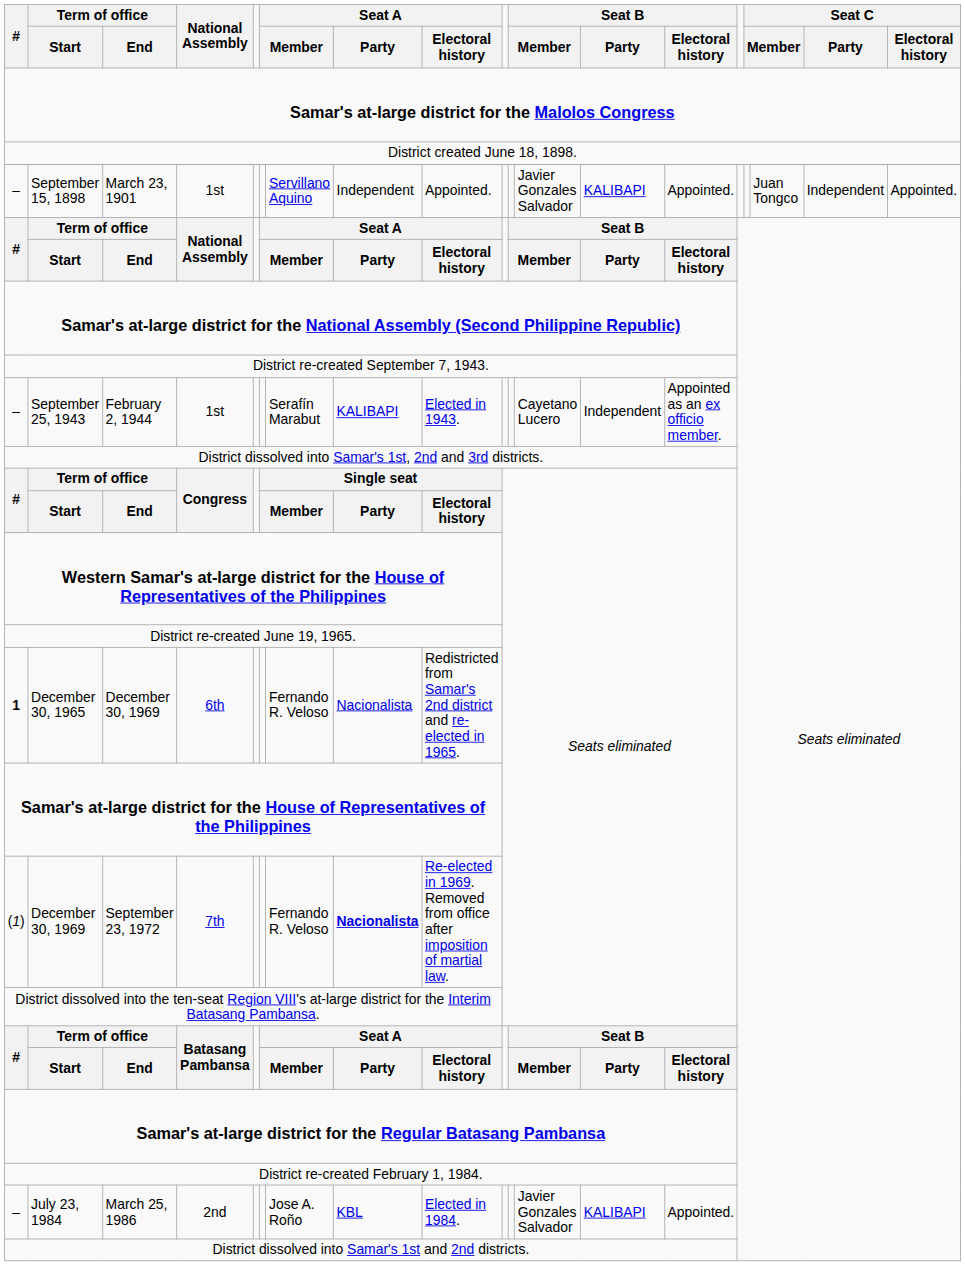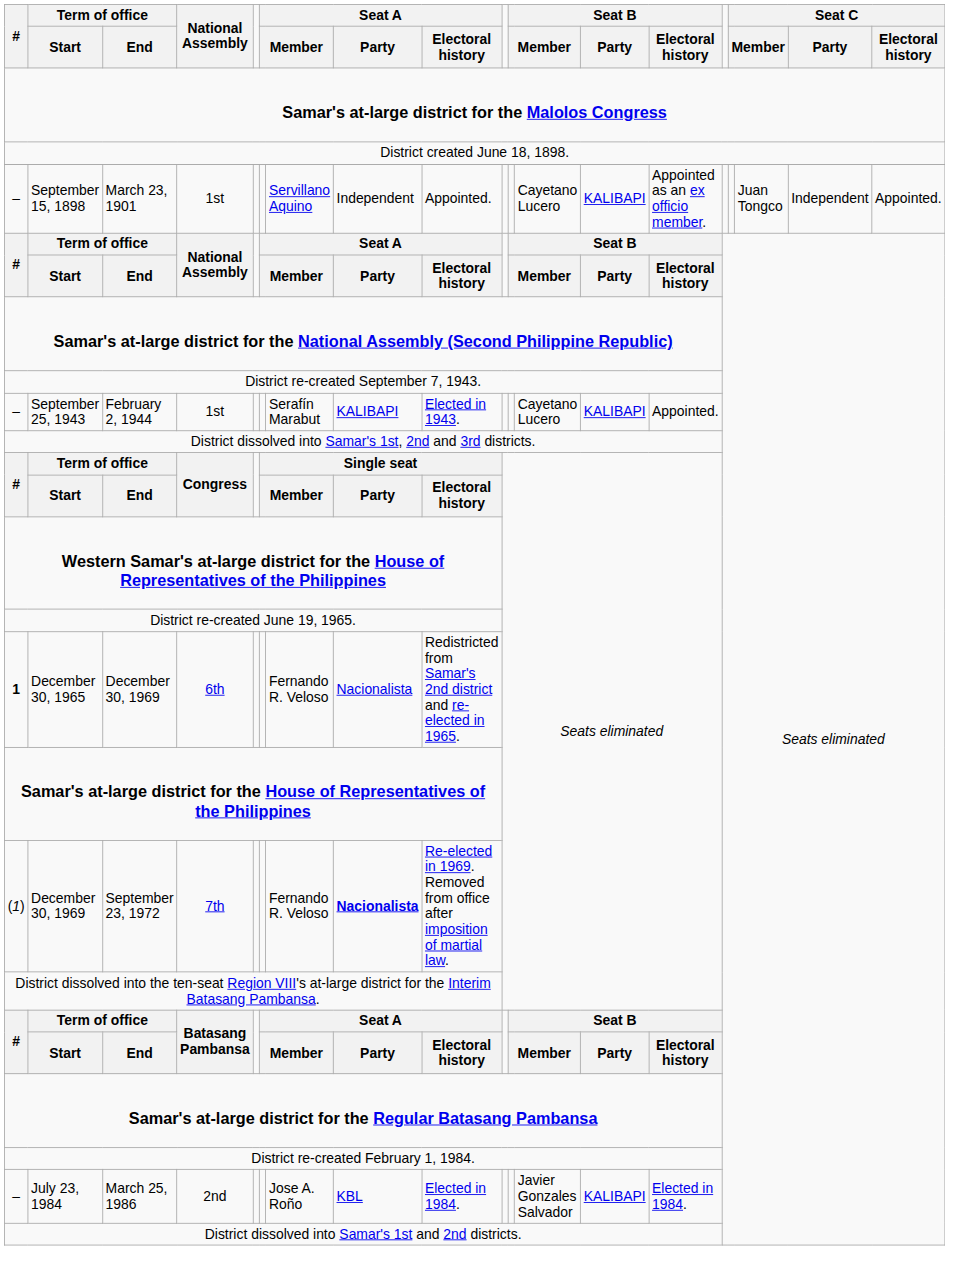 <table class=wikitable>
 <tr>
 <th rowspan=2>#</th>
 <th colspan=2>Term of office</th>
 <th rowspan=2>National<br>Assembly</th>
 <td rowspan=2></td>
 <th colspan=4>Seat A</th>
 <td rowspan=2></td>
 <th colspan=4>Seat B</th>
 <td rowspan=2></td>
 <th colspan=4>Seat C</th>
 </tr>
 <tr style="height:3em">
 <th>Start</th>
 <th>End</th>
 <th colspan="2" style="text-align:center;">Member</th>
 <th>Party</th>
 <th>Electoral history</th>
 <th colspan="2" style="text-align:center;">Member</th>
 <th>Party</th>
 <th>Electoral history</th>
 <th colspan="2" style="text-align:center;">Member</th>
 <th>Party</th>
 <th>Electoral history</th>
 </tr>
 <tr>
 <td colspan="19" style="text-align:center;"><br><h3>Samar's at-large district for the <a href='#'>Malolos Congress</a></h3></td>
 </tr>
 <tr>
 <td colspan="19" style="text-align:center;">District created June 18, 1898.</td>
 </tr>
 <tr>
 </tr>
 <tr style="height:3em">
 <td style="text-align:center;">–</td>
 <td>September 15, 1898</td>
 <td>March 23, 1901</td>
 <td style="text-align:center;">1st</td>
 <td></td>
 <td style="color:inherit;background:"></td>
 <td><a href='#'>Servillano Aquino</a></td>
 <td>Independent</td>
 <td>Appointed.</td>
 <td></td>
 <td style="color:inherit;background:"></td>
-<td>Javier Gonzales Salvador</td>
+<td>Cayetano Lucero</td>
 <td><a href='#'>KALIBAPI</a></td>
-<td>Appointed.</td>
+<td>Appointed as an <a href='#'>ex officio member</a>.</td>
 <td></td>
 <td style="color:inherit;background:"></td>
 <td>Juan Tongco</td>
 <td>Independent</td>
 <td>Appointed.</td>
 </tr>
 <tr>
 <th rowspan=2>#</th>
 <th colspan=2>Term of office</th>
 <th rowspan=2>National<br>Assembly</th>
 <td rowspan=2></td>
 <th colspan=4>Seat A</th>
 <td rowspan=2></td>
 <th colspan=4>Seat B</th>
 <td rowspan=99 colspan=5 style="text-align:center;"><em>Seats eliminated</em></td>
 </tr>
 <tr style="height:3em">
 <th>Start</th>
 <th>End</th>
 <th colspan="2" style="text-align:center;">Member</th>
 <th>Party</th>
 <th>Electoral history</th>
 <th colspan="2" style="text-align:center;">Member</th>
 <th>Party</th>
 <th>Electoral history</th>
 </tr>
 <tr>
 <td colspan="14" style="text-align:center;"><br><h3>Samar's at-large district for the <a href='#'>National Assembly (Second Philippine Republic)</a></h3></td>
 </tr>
 <tr>
 <td colspan="14" style="text-align:center;">District re-created September 7, 1943.</td>
 </tr>
 <tr>
 <td style="text-align:center;">–</td>
 <td>September 25, 1943</td>
 <td>February 2, 1944</td>
 <td style="text-align:center;">1st</td>
 <td></td>
 <td style="color:inherit;background:"></td>
 <td>Serafín Marabut</td>
 <td><a href='#'>KALIBAPI</a></td>
 <td><a href='#'>Elected in 1943</a>.</td>
 <td></td>
 <td style="color:inherit;background:"></td>
 <td>Cayetano Lucero</td>
-<td>Independent</td>
-<td>Appointed as an <a href='#'>ex officio member</a>.</td>
+<td><a href='#'>KALIBAPI</a></td>
+<td>Appointed.</td>
 </tr>
 <tr>
 <td colspan="14" style="text-align:center;">District dissolved into <a href='#'>Samar's 1st</a>, <a href='#'>2nd</a> and <a href='#'>3rd</a> districts.</td>
 </tr>
 <tr>
 <th rowspan=2>#</th>
 <th colspan=2>Term of office</th>
 <th rowspan=2>Congress</th>
 <td rowspan=2></td>
 <th colspan=4>Single seat</th>
 <td rowspan="8" colspan="5" style="text-align:center;"><em>Seats eliminated</em></td>
 </tr>
 <tr style="height:3em">
 <th>Start</th>
 <th>End</th>
 <th colspan="2" style="text-align:center;">Member</th>
 <th>Party</th>
 <th>Electoral history</th>
 </tr>
 <tr>
 <td colspan="9" style="text-align:center;"><br><h3>Western Samar's at-large district for the <a href='#'>House of Representatives of the Philippines</a></h3></td>
 </tr>
 <tr>
 <td colspan="9" style="text-align:center;">District re-created June 19, 1965.</td>
 </tr>
 <tr>
 <td style="text-align:center;"><strong>1</strong></td>
 <td>December 30, 1965</td>
 <td>December 30, 1969</td>
 <td style="text-align:center;"><a href='#'>6th</a></td>
 <td></td>
 <td style="color:inherit;background:"></td>
 <td>Fernando R. Veloso</td>
 <td><a href='#'>Nacionalista</a></td>
 <td>Redistricted from <a href='#'>Samar's 2nd district</a> and <a href='#'>re-elected in 1965</a>.</td>
 </tr>
 <tr>
 <td colspan="9" style="text-align:center;"><br><h3>Samar's at-large district for the <a href='#'>House of Representatives of the Philippines</a></h3></td>
 </tr>
 <tr>
 <td style="text-align:center;">(<em>1</em>)</td>
 <td>December 30, 1969</td>
 <td>September 23, 1972</td>
 <td style="text-align:center;"><a href='#'>7th</a></td>
 <td></td>
 <td style="color:inherit;background:"></td>
 <td>Fernando R. Veloso</td>
 <td><strong><a href='#'>Nacionalista</a></strong></td>
 <td><a href='#'>Re-elected in 1969</a>.<br>Removed from office after <a href='#'>imposition of martial law</a>.</td>
 </tr>
 <tr>
 <td colspan="9" style="text-align:center;">District dissolved into the ten-seat <a href='#'>Region VIII</a>'s at-large district for the <a href='#'>Interim Batasang Pambansa</a>.</td>
 </tr>
 <tr>
 <th rowspan=2>#</th>
 <th colspan=2>Term of office</th>
 <th rowspan=2>Batasang<br>Pambansa</th>
 <td rowspan=2></td>
 <th colspan=4>Seat A</th>
 <td rowspan=2></td>
 <th colspan=4>Seat B</th>
 </tr>
 <tr style="height:3em">
 <th>Start</th>
 <th>End</th>
 <th colspan="2" style="text-align:center;">Member</th>
 <th>Party</th>
 <th>Electoral history</th>
 <th colspan="2" style="text-align:center;">Member</th>
 <th>Party</th>
 <th>Electoral history</th>
 </tr>
 <tr>
 <td colspan="14" style="text-align:center;"><br><h3>Samar's at-large district for the <a href='#'>Regular Batasang Pambansa</a></h3></td>
 </tr>
 <tr>
 <td colspan="14" style="text-align:center;">District re-created February 1, 1984.</td>
 </tr>
 <tr style="height:3em">
 <td style="text-align:center;">–</td>
 <td>July 23, 1984</td>
 <td>March 25, 1986</td>
 <td style="text-align:center;">2nd</td>
 <td></td>
 <td style="color:inherit;background:"></td>
 <td>Jose A. Roño</td>
 <td><a href='#'>KBL</a></td>
 <td><a href='#'>Elected in 1984</a>.</td>
 <td></td>
 <td style="color:inherit;background:"></td>
 <td>Javier Gonzales Salvador</td>
 <td><a href='#'>KALIBAPI</a></td>
-<td>Appointed.</td>
+<td><a href='#'>Elected in 1984</a>.</td>
 </tr>
 <tr>
 <td colspan="14" style="text-align:center;">District dissolved into <a href='#'>Samar's 1st</a> and <a href='#'>2nd</a> districts.</td>
 </tr>
 </table>
